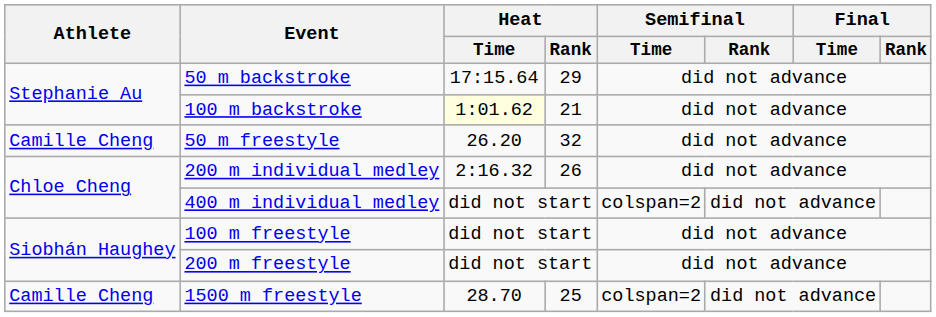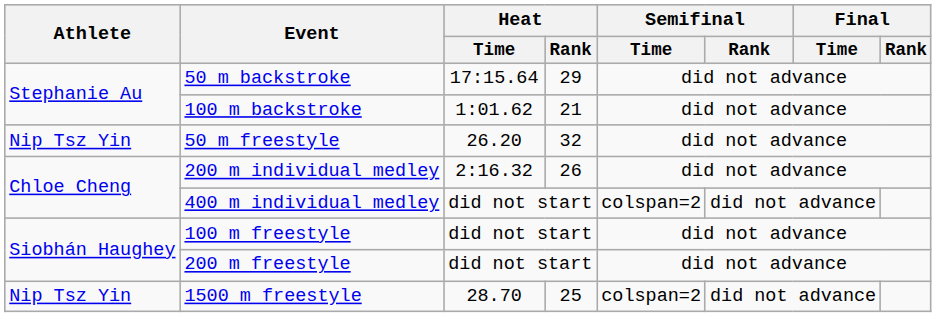 <table class=wikitable style="font-size:90%">
 <tr>
 <th rowspan="2">Athlete</th>
 <th rowspan="2">Event</th>
 <th colspan="2">Heat</th>
 <th colspan="2">Semifinal</th>
 <th colspan="2">Final</th>
 </tr>
 <tr style="font-size:95%">
 <th>Time</th>
 <th>Rank</th>
 <th>Time</th>
 <th>Rank</th>
 <th>Time</th>
 <th>Rank</th>
 </tr>
 <tr style="text-align:center">
 <td style="text-align:left" rowspan=2><a href='#'>Stephanie Au</a></td>
 <td style="text-align:left"><a href='#'>50 m backstroke</a></td>
 <td>17:15.64</td>
 <td>29</td>
 <td colspan=4>did not advance</td>
 </tr>
 <tr style="text-align:center">
 <td style="text-align:left"><a href='#'>100 m backstroke</a></td>
-<td style="background: lightyellow;">1:01.62</td>
+<td>1:01.62</td>
 <td>21</td>
 <td colspan=4>did not advance</td>
 </tr>
 <tr style="text-align:center">
-<td style="text-align:left"><a href='#'>Camille Cheng</a></td>
+<td style="text-align:left"><a href='#'>Nip Tsz Yin</a></td>
 <td style="text-align:left"><a href='#'>50 m freestyle</a></td>
 <td>26.20</td>
 <td>32</td>
 <td colspan=4>did not advance</td>
 </tr>
 <tr style="text-align:center">
 <td style="text-align:left" rowspan=2><a href='#'>Chloe Cheng</a></td>
 <td style="text-align:left"><a href='#'>200 m individual medley</a></td>
 <td>2:16.32</td>
 <td>26</td>
 <td colspan=4>did not advance</td>
 </tr>
 <tr style="text-align:center">
 <td style="text-align:left"><a href='#'>400 m individual medley</a></td>
 <td colspan=2>did not start</td>
 <td>colspan=2</td>
 <td colspan=2>did not advance</td>
 </tr>
 <tr style="text-align:center">
 <td style="text-align:left" rowspan=2><a href='#'>Siobhán Haughey</a></td>
 <td style="text-align:left"><a href='#'>100 m freestyle</a></td>
 <td colspan=2>did not start</td>
 <td colspan=4>did not advance</td>
 </tr>
 <tr style="text-align:center">
 <td style="text-align:left"><a href='#'>200 m freestyle</a></td>
 <td colspan=2>did not start</td>
 <td colspan=4>did not advance</td>
 </tr>
 <tr style="text-align:center">
-<td style="text-align:left"><a href='#'>Camille Cheng</a></td>
+<td style="text-align:left"><a href='#'>Nip Tsz Yin</a></td>
 <td style="text-align:left"><a href='#'>1500 m freestyle</a></td>
 <td>28.70</td>
 <td>25</td>
 <td>colspan=2</td>
 <td colspan=2>did not advance</td>
 </tr>
 </table>
